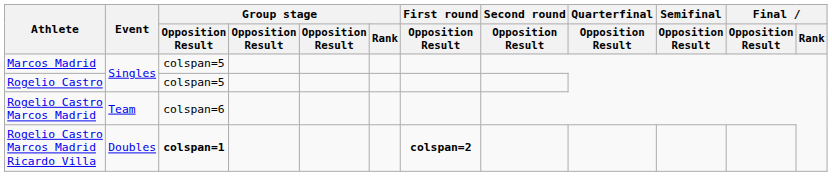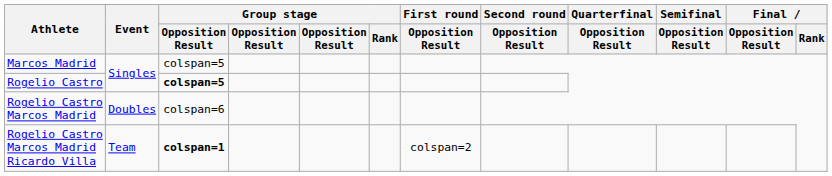 <table class=wikitable style=font-size:90%;text-align:center>
 <tr>
 <th rowspan=2>Athlete</th>
 <th rowspan=2>Event</th>
 <th colspan=4>Group stage</th>
 <th>First round</th>
 <th>Second round</th>
 <th>Quarterfinal</th>
 <th>Semifinal</th>
 <th colspan=2>Final / </th>
 </tr>
 <tr style=font-size:95%>
 <th>Opposition<br>Result</th>
 <th>Opposition<br>Result</th>
 <th>Opposition<br>Result</th>
 <th>Rank</th>
 <th>Opposition<br>Result</th>
 <th>Opposition<br>Result</th>
 <th>Opposition<br>Result</th>
 <th>Opposition<br>Result</th>
 <th>Opposition<br>Result</th>
 <th>Rank</th>
 </tr>
 <tr>
 <td align=left><a href='#'>Marcos Madrid</a></td>
 <td align=left rowspan=2><a href='#'>Singles</a></td>
 <td>colspan=5 </td>
 <td></td>
 <td></td>
 <td></td>
 <td></td>
 </tr>
 <tr>
 <td align=left><a href='#'>Rogelio Castro</a></td>
-<td>colspan=5 </td>
+<td><strong>colspan=5 </strong></td>
 <td></td>
 <td></td>
 <td></td>
 <td></td>
 <td></td>
 </tr>
 <tr>
 <td align=left><a href='#'>Rogelio Castro</a><br><a href='#'>Marcos Madrid</a></td>
-<td align=left><a href='#'>Team</a></td>
+<td align=left><a href='#'>Doubles</a></td>
 <td>colspan=6 </td>
 <td></td>
 <td></td>
 <td></td>
 <td></td>
 </tr>
 <tr>
 <td align=left><a href='#'>Rogelio Castro</a><br><a href='#'>Marcos Madrid</a><br><a href='#'>Ricardo Villa</a></td>
-<td align=left><a href='#'>Doubles</a></td>
+<td align=left><a href='#'>Team</a></td>
 <td><strong>colspan=1 </strong></td>
 <td></td>
 <td></td>
 <td></td>
-<td><strong>colspan=2 </strong></td>
+<td>colspan=2 </td>
 <td></td>
 <td></td>
 <td></td>
 <td></td>
 </tr>
 </table>
